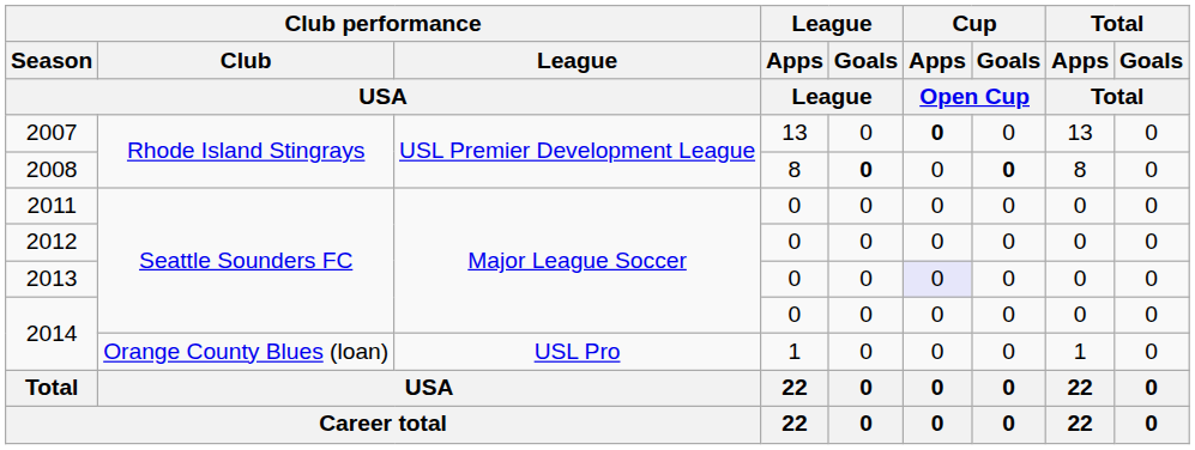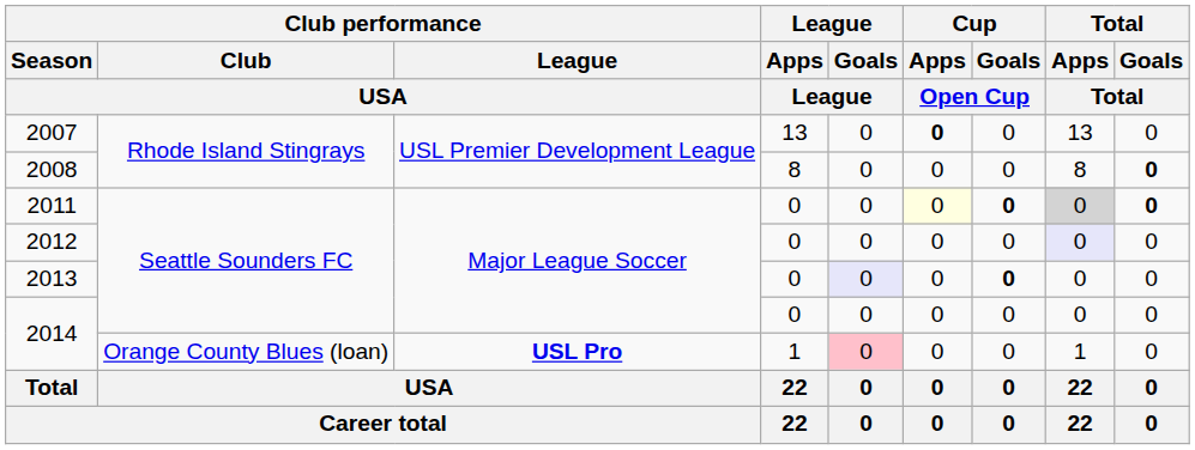 <table class="wikitable" style="text-align:center">
 <tr>
 <th colspan=3>Club performance</th>
 <th colspan=2>League</th>
 <th colspan=2>Cup</th>
 <th colspan=2>Total</th>
 </tr>
 <tr>
 <th>Season</th>
 <th>Club</th>
 <th>League</th>
 <th>Apps</th>
 <th>Goals</th>
 <th>Apps</th>
 <th>Goals</th>
 <th>Apps</th>
 <th>Goals</th>
 </tr>
 <tr>
 <th colspan=3>USA</th>
 <th colspan=2>League</th>
 <th colspan=2><a href='#'>Open Cup</a></th>
 <th colspan=2>Total</th>
 </tr>
 <tr>
 <td>2007</td>
 <td rowspan="2"><a href='#'>Rhode Island Stingrays</a></td>
 <td rowspan="2"><a href='#'>USL Premier Development League</a></td>
 <td>13</td>
 <td>0</td>
 <td><strong>0</strong></td>
 <td>0</td>
 <td>13</td>
 <td>0</td>
 </tr>
 <tr>
 <td>2008</td>
 <td>8</td>
+<td>0</td>
+<td>0</td>
+<td>0</td>
+<td>8</td>
 <td><strong>0</strong></td>
-<td>0</td>
-<td><strong>0</strong></td>
-<td>8</td>
-<td>0</td>
 </tr>
 <tr>
 <td>2011</td>
 <td rowspan="4"><a href='#'>Seattle Sounders FC</a></td>
 <td rowspan="4"><a href='#'>Major League Soccer</a></td>
 <td>0</td>
 <td>0</td>
-<td>0</td>
-<td>0</td>
-<td>0</td>
-<td>0</td>
+<td style="background: lightyellow;">0</td>
+<td><strong>0</strong></td>
+<td style="background: lightgrey;">0</td>
+<td><strong>0</strong></td>
 </tr>
 <tr>
 <td>2012</td>
 <td>0</td>
 <td>0</td>
 <td>0</td>
 <td>0</td>
-<td>0</td>
+<td style="background: lavender;">0</td>
 <td>0</td>
 </tr>
 <tr>
 <td>2013</td>
 <td>0</td>
-<td>0</td>
 <td style="background: lavender;">0</td>
 <td>0</td>
+<td><strong>0</strong></td>
 <td>0</td>
 <td>0</td>
 </tr>
 <tr>
 <td rowspan="2">2014</td>
 <td>0</td>
 <td>0</td>
 <td>0</td>
 <td>0</td>
 <td>0</td>
 <td>0</td>
 </tr>
 <tr>
 <td><a href='#'>Orange County Blues</a> (loan)</td>
-<td><a href='#'>USL Pro</a></td>
+<td><strong><a href='#'>USL Pro</a></strong></td>
 <td>1</td>
-<td>0</td>
+<td style="background: pink;">0</td>
 <td>0</td>
 <td>0</td>
 <td>1</td>
 <td>0</td>
 </tr>
 <tr>
 <th>Total</th>
 <th colspan=2>USA</th>
 <th>22</th>
 <th>0</th>
 <th>0</th>
 <th>0</th>
 <th>22</th>
 <th>0</th>
 </tr>
 <tr>
 <th colspan=3>Career total</th>
 <th>22</th>
 <th>0</th>
 <th>0</th>
 <th>0</th>
 <th>22</th>
 <th>0</th>
 </tr>
 </table>
